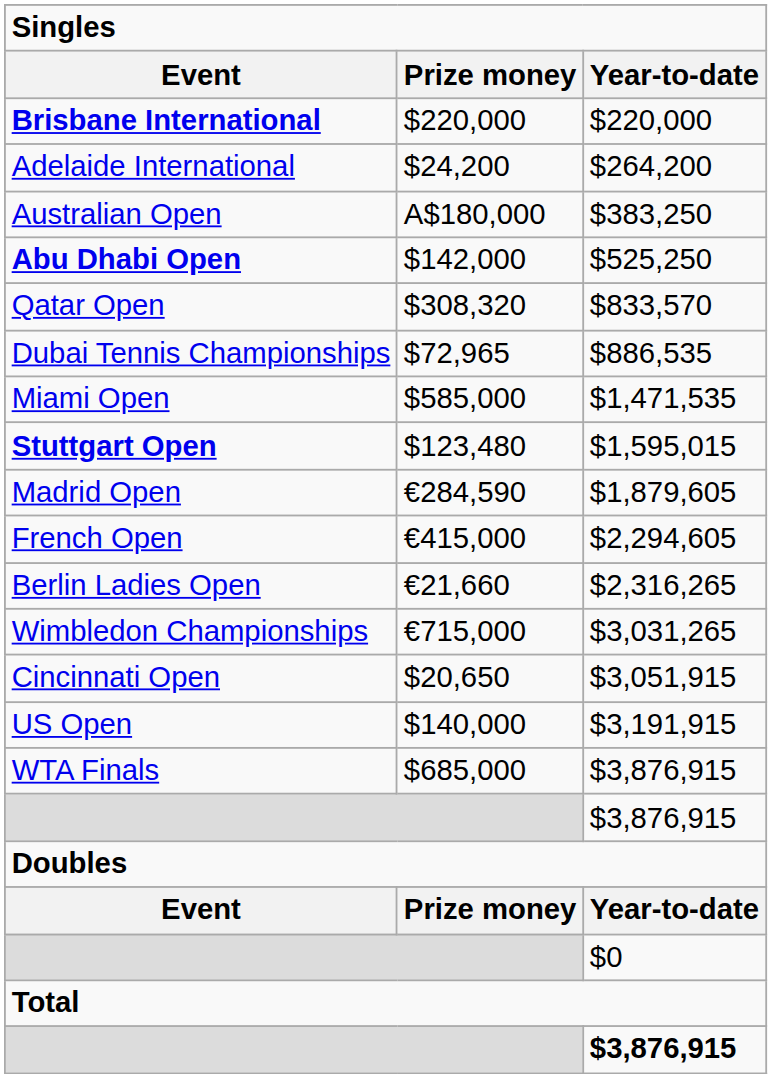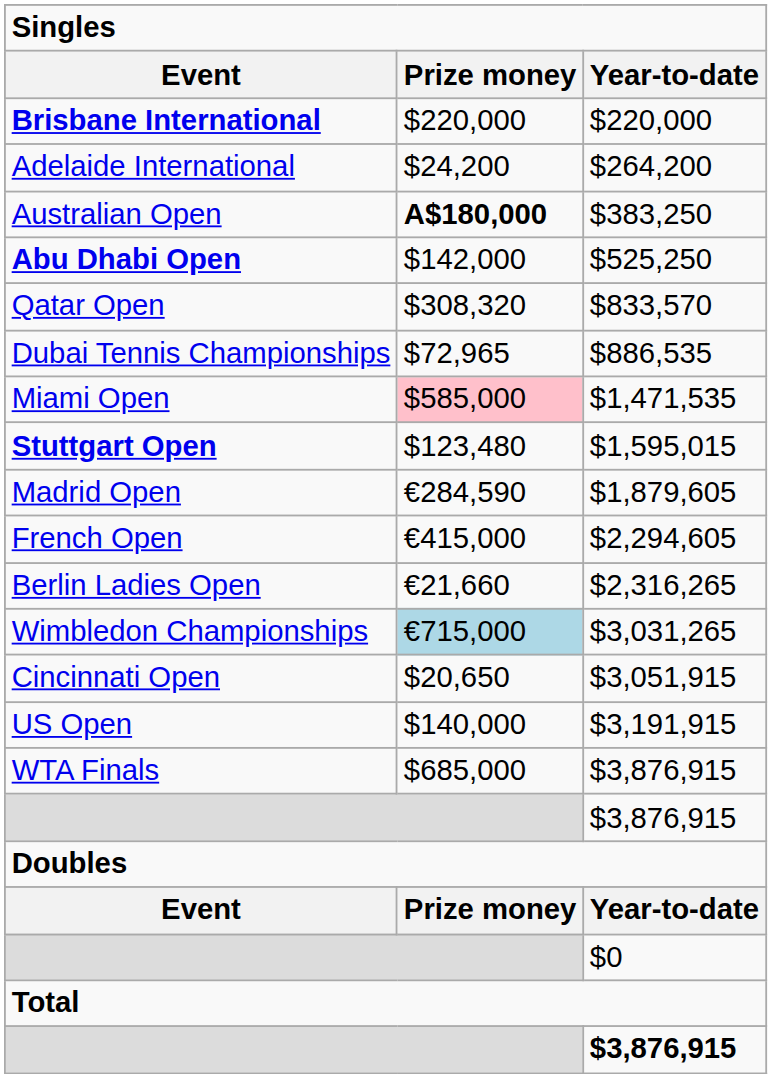 <table class="wikitable sortable">
 <tr>
 <td colspan=3><strong>Singles</strong></td>
 </tr>
 <tr>
 <th>Event</th>
 <th>Prize money</th>
 <th>Year-to-date</th>
 </tr>
 <tr>
 <td><strong><a href='#'>Brisbane International</a></strong></td>
 <td>$220,000</td>
 <td>$220,000</td>
 </tr>
 <tr>
 <td><a href='#'>Adelaide International</a></td>
 <td>$24,200</td>
 <td>$264,200</td>
 </tr>
 <tr>
 <td><a href='#'>Australian Open</a></td>
-<td>A$180,000</td>
+<td><strong>A$180,000</strong></td>
 <td>$383,250</td>
 </tr>
 <tr>
 <td><strong><a href='#'>Abu Dhabi Open</a></strong></td>
 <td>$142,000</td>
 <td>$525,250</td>
 </tr>
 <tr>
 <td><a href='#'>Qatar Open</a></td>
 <td>$308,320</td>
 <td>$833,570</td>
 </tr>
 <tr>
 <td><a href='#'>Dubai Tennis Championships</a></td>
 <td>$72,965</td>
 <td>$886,535</td>
 </tr>
 <tr>
 <td><a href='#'>Miami Open</a></td>
-<td>$585,000</td>
+<td style="background: pink;">$585,000</td>
 <td>$1,471,535</td>
 </tr>
 <tr>
 <td><strong><a href='#'>Stuttgart Open</a></strong></td>
 <td>$123,480</td>
 <td>$1,595,015</td>
 </tr>
 <tr>
 <td><a href='#'>Madrid Open</a></td>
 <td>€284,590</td>
 <td>$1,879,605</td>
 </tr>
 <tr>
 <td><a href='#'>French Open</a></td>
 <td>€415,000</td>
 <td>$2,294,605</td>
 </tr>
 <tr>
 <td><a href='#'>Berlin Ladies Open</a></td>
 <td>€21,660</td>
 <td>$2,316,265</td>
 </tr>
 <tr>
 <td><a href='#'>Wimbledon Championships</a></td>
-<td>€715,000</td>
+<td style="background: lightblue;">€715,000</td>
 <td>$3,031,265</td>
 </tr>
 <tr>
 <td><a href='#'>Cincinnati Open</a></td>
 <td>$20,650</td>
 <td>$3,051,915</td>
 </tr>
 <tr>
 <td><a href='#'>US Open</a></td>
 <td>$140,000</td>
 <td>$3,191,915</td>
 </tr>
 <tr>
 <td><a href='#'>WTA Finals</a></td>
 <td>$685,000</td>
 <td>$3,876,915</td>
 </tr>
 <tr class="sortbottom">
 <td colspan=2 bgcolor=#DCDCDC></td>
 <td>$3,876,915</td>
 </tr>
 <tr>
 <td colspan=3><strong>Doubles</strong></td>
 </tr>
 <tr>
 <th>Event</th>
 <th>Prize money</th>
 <th>Year-to-date</th>
 </tr>
 <tr class="sortbottom">
 <td colspan=2 bgcolor=#DCDCDC></td>
 <td>$0</td>
 </tr>
 <tr>
 <td colspan=3><strong>Total</strong> </td>
 </tr>
 <tr class="sortbottom">
 <td colspan=2 bgcolor=#DCDCDC></td>
 <td><strong>$3,876,915</strong></td>
 </tr>
 <tr>
 </tr>
 </table>
